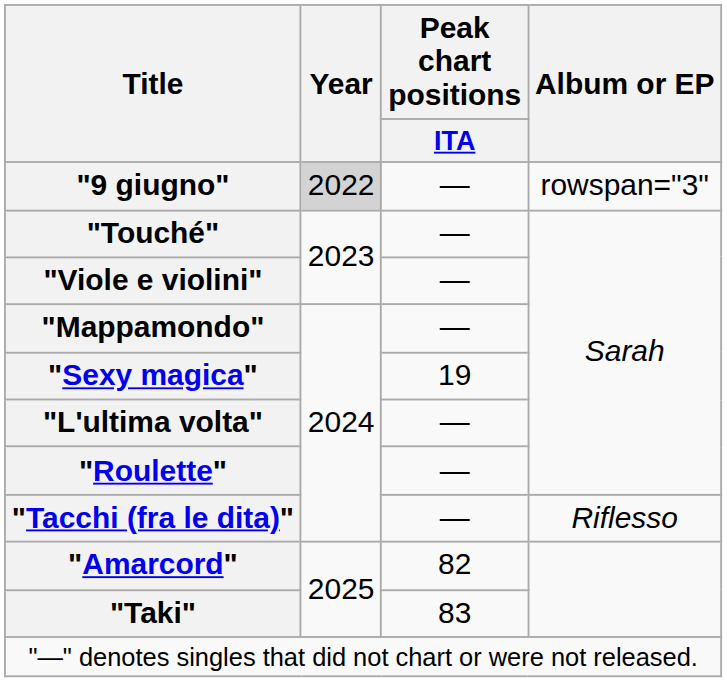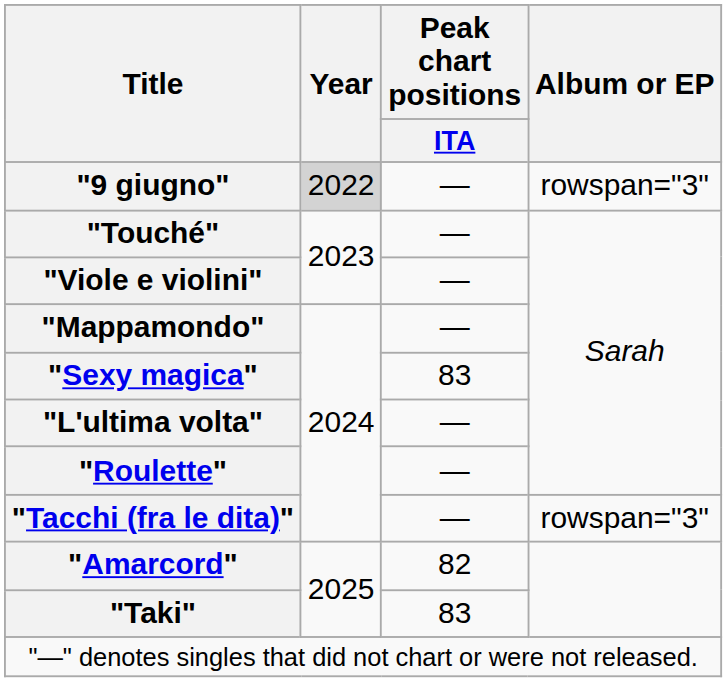 <table class="wikitable plainrowheaders" style="text-align:center;">
 <tr>
 <th scope="col" rowspan="2">Title</th>
 <th scope="col" rowspan="2">Year</th>
 <th scope="col">Peak chart positions</th>
 <th scope="col"rowspan="2">Album or EP</th>
 </tr>
 <tr>
 <th scope="col" style="width:3em;font-size:90%;"><a href='#'>ITA</a><br></th>
 </tr>
 <tr>
 <th scope="row">"9 giugno"</th>
 <td style="background: lightgrey;">2022</td>
 <td>—</td>
 <td>rowspan="3" </td>
 </tr>
 <tr>
 <th scope="row">"Touché"</th>
 <td rowspan="2">2023</td>
 <td>—</td>
 <td rowspan="6"><em>Sarah</em></td>
 </tr>
 <tr>
 <th scope="row">"Viole e violini"</th>
 <td>—</td>
 </tr>
 <tr>
 <th scope="row">"Mappamondo"</th>
 <td rowspan="5">2024</td>
 <td>—</td>
 </tr>
 <tr>
 <th scope="row">"<a href='#'>Sexy magica</a>"</th>
-<td>19</td>
+<td>83</td>
 </tr>
 <tr>
 <th scope="row">"L'ultima volta"</th>
 <td>—</td>
 </tr>
 <tr>
 <th scope="row">"<a href='#'>Roulette</a>"</th>
 <td>—</td>
 </tr>
 <tr>
 <th scope="row">"<a href='#'>Tacchi (fra le dita)</a>"</th>
 <td>—</td>
-<td><em>Riflesso</em></td>
+<td>rowspan="3" </td>
 </tr>
 <tr>
 <th scope="row">"<a href='#'>Amarcord</a>"</th>
 <td rowspan="2">2025</td>
 <td>82</td>
 </tr>
 <tr>
 <th scope="row">"Taki"</th>
 <td>83</td>
 </tr>
 <tr>
 <td colspan="4" style="font-size:85%;">"—" denotes singles that did not chart or were not released.</td>
 </tr>
 </table>
